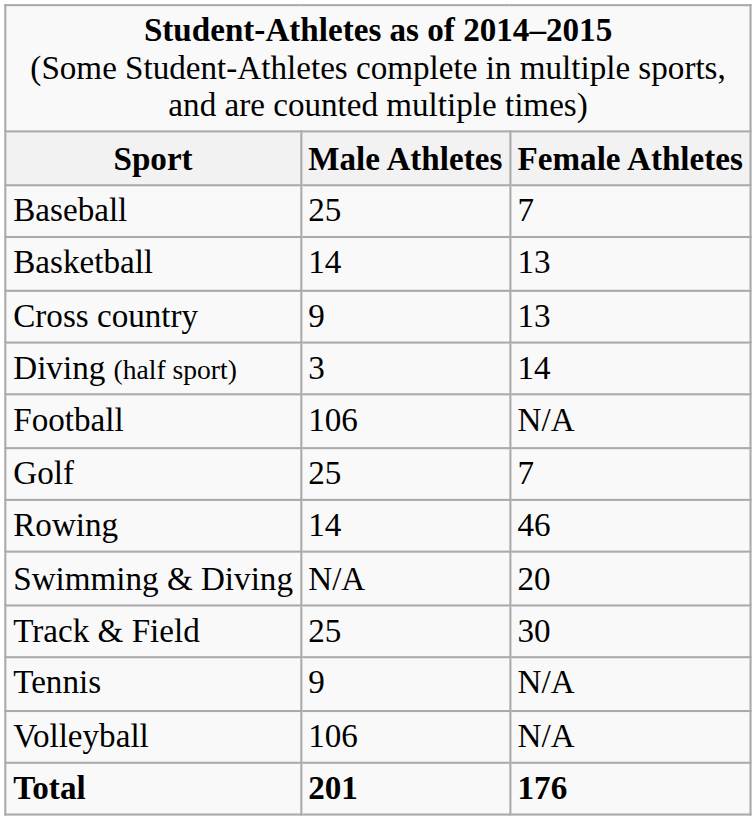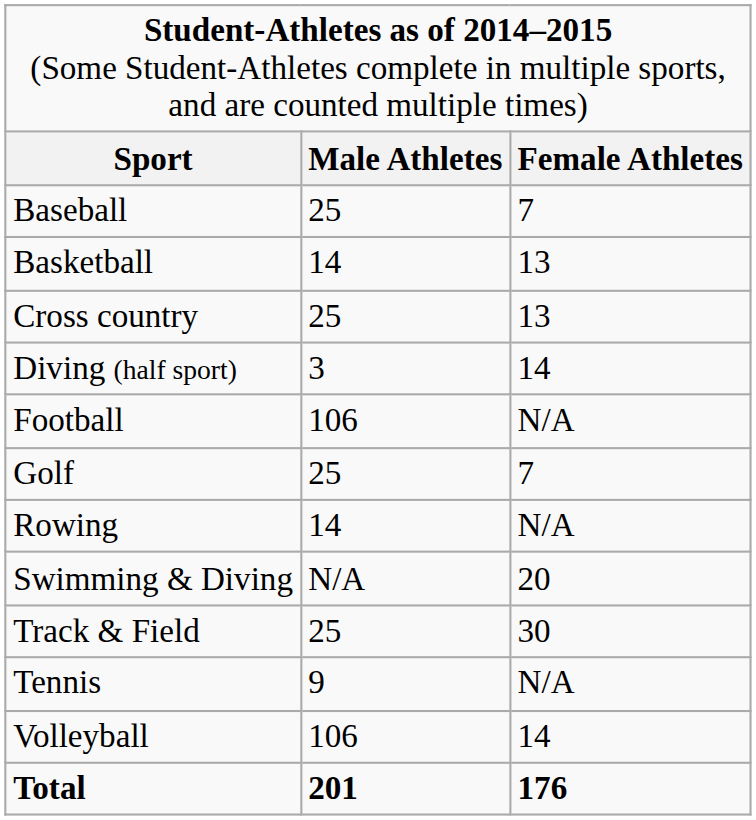 <table class="wikitable" style="float:right;">
 <tr>
 <td colspan=3 style="text-align: center; "><strong>Student-Athletes as of 2014–2015</strong><br>(Some Student-Athletes complete in multiple sports,<br>and are counted multiple times)</td>
 </tr>
 <tr>
 <th width=px>Sport</th>
 <th width=px>Male Athletes</th>
 <th width=px>Female Athletes</th>
 </tr>
 <tr>
 <td>Baseball</td>
 <td>25</td>
 <td>7</td>
 </tr>
 <tr>
 <td>Basketball</td>
 <td>14</td>
 <td>13</td>
 </tr>
 <tr>
 <td>Cross country</td>
-<td>9</td>
+<td>25</td>
 <td>13</td>
 </tr>
 <tr>
 <td>Diving <small>(half sport)</small></td>
 <td>3</td>
 <td>14</td>
 </tr>
 <tr>
 <td>Football</td>
 <td>106</td>
 <td>N/A</td>
 </tr>
 <tr>
 <td>Golf</td>
 <td>25</td>
 <td>7</td>
 </tr>
 <tr>
 <td>Rowing</td>
 <td>14</td>
-<td>46</td>
+<td>N/A</td>
 </tr>
 <tr>
 <td>Swimming & Diving</td>
 <td>N/A</td>
 <td>20</td>
 </tr>
 <tr>
 <td>Track & Field</td>
 <td>25</td>
 <td>30</td>
 </tr>
 <tr>
 <td>Tennis</td>
 <td>9</td>
 <td>N/A</td>
 </tr>
 <tr>
 <td>Volleyball</td>
 <td>106</td>
-<td>N/A</td>
+<td>14</td>
 </tr>
 <tr>
 <td><strong>Total</strong></td>
 <td><strong>201</strong></td>
 <td><strong>176</strong></td>
 </tr>
 </table>
